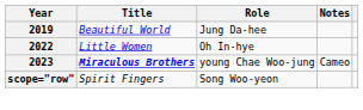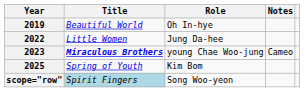 <table class="wikitable plainrowheaders">
 <tr>
 <th scope="col">Year</th>
 <th scope="col">Title</th>
 <th scope="col">Role</th>
 <th scope="col">Notes</th>
 <th scope="col" class="unsortable"></th>
 </tr>
 <tr>
 <th scope="row">2019</th>
 <td><em><a href='#'>Beautiful World</a></em></td>
-<td>Jung Da-hee</td>
+<td>Oh In-hye</td>
 <td></td>
 <td></td>
 </tr>
 <tr>
 <th scope="row">2022</th>
 <td><em><a href='#'>Little Women</a></em></td>
-<td>Oh In-hye</td>
+<td>Jung Da-hee</td>
 <td></td>
 <td style="text-align:center"></td>
 </tr>
 <tr>
 <th scope="row">2023</th>
 <td><strong><em><a href='#'>Miraculous Brothers</a></em></strong></td>
 <td>young Chae Woo-jung</td>
 <td>Cameo</td>
 <td style="text-align:center"></td>
 </tr>
 <tr>
+<th scope="row">2025</th>
+<td><em><a href='#'>Spring of Youth</a></em></td>
+<td>Kim Bom</td>
+<td></td>
+<td style="text-align:center"></td>
+</tr>
+<tr>
 <th>scope="row" </th>
-<td><em>Spirit Fingers</em></td>
+<td style="background: lightblue;"><em>Spirit Fingers</em></td>
 <td>Song Woo-yeon</td>
 <td></td>
 <td style="text-align:center"></td>
 </tr>
 </table>
